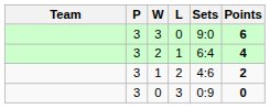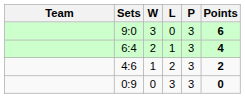 <table class="wikitable" style="text-align:center;">
 <tr>
 <th width=150>Team</th>
-<th width=20>P</th>
+<th width=20>Sets</th>
 <th width=20>W</th>
 <th width=20>L</th>
-<th width=20>Sets</th>
+<th width=20>P</th>
 <th width=20>Points</th>
 </tr>
 <tr bgcolor=#ccffcc>
 <td align="left"></td>
-<td>3</td>
+<td>9:0</td>
 <td>3</td>
 <td>0</td>
-<td>9:0</td>
+<td>3</td>
 <td><strong>6</strong></td>
 </tr>
 <tr bgcolor=#ccffcc>
 <td align="left"></td>
-<td>3</td>
+<td>6:4</td>
 <td>2</td>
 <td>1</td>
-<td>6:4</td>
+<td>3</td>
 <td><strong>4</strong></td>
 </tr>
 <tr>
 <td align="left"></td>
-<td>3</td>
+<td>4:6</td>
 <td>1</td>
 <td>2</td>
-<td>4:6</td>
+<td>3</td>
 <td><strong>2</strong></td>
 </tr>
 <tr>
 <td align="left"></td>
-<td>3</td>
+<td>0:9</td>
 <td>0</td>
 <td>3</td>
-<td>0:9</td>
+<td>3</td>
 <td><strong>0</strong></td>
 </tr>
 </table>
